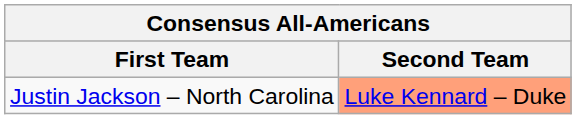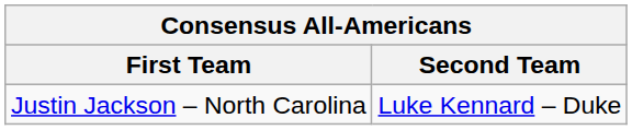 <table class="wikitable" style="font-size: 95%">
 <tr>
 <th Colspan=2>Consensus All-Americans</th>
 </tr>
 <tr>
 <th>First Team</th>
 <th>Second Team</th>
 </tr>
 <tr>
 <td><a href='#'>Justin Jackson</a> – North Carolina</td>
-<td style="background: lightsalmon;"><a href='#'>Luke Kennard</a> – Duke</td>
+<td><a href='#'>Luke Kennard</a> – Duke</td>
 </tr>
 </table>
